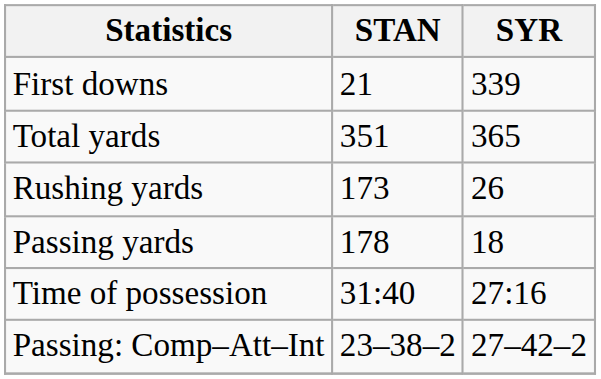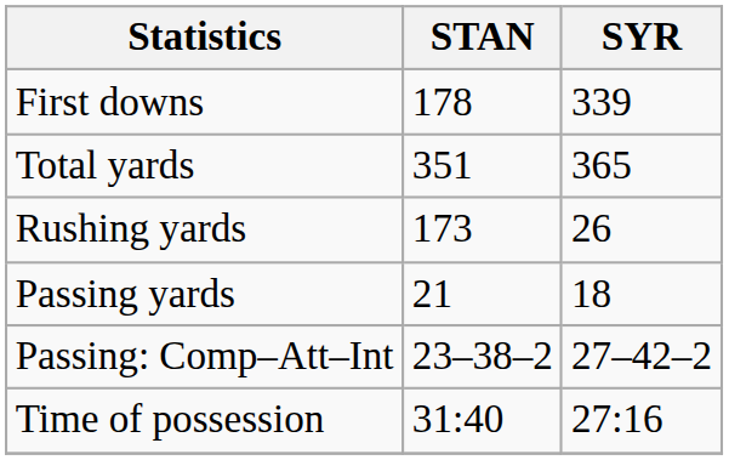 <table class="wikitable" style="float: left;">
 <tr>
 <th>Statistics</th>
 <th>STAN</th>
 <th>SYR</th>
 </tr>
 <tr>
 <td>First downs</td>
-<td>21</td>
+<td>178</td>
 <td>339</td>
 </tr>
 <tr>
 <td>Total yards</td>
 <td>351</td>
 <td>365</td>
 </tr>
 <tr>
 <td>Rushing yards</td>
 <td>173</td>
 <td>26</td>
 </tr>
 <tr>
 <td>Passing yards</td>
-<td>178</td>
+<td>21</td>
 <td>18</td>
+</tr>
+<tr>
+<td>Passing: Comp–Att–Int</td>
+<td>23–38–2</td>
+<td>27–42–2</td>
 </tr>
 <tr>
 <td>Time of possession</td>
 <td>31:40</td>
 <td>27:16</td>
 </tr>
 <tr>
-<td>Passing: Comp–Att–Int</td>
-<td>23–38–2</td>
-<td>27–42–2</td>
-</tr>
-<tr>
 </tr>
 </table>
